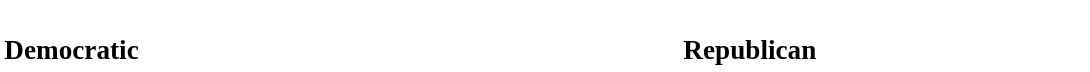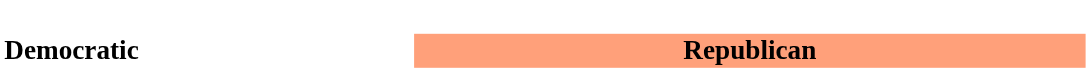 <table style="width:50em; text-align:center">
 <tr style="color:white">
 <td style="background:"><strong>58</strong></td>
 <td style="background:"><strong>42</strong></td>
 </tr>
 <tr>
 <td><span><strong>Democratic</strong></span></td>
-<td><span><strong>Republican</strong></span></td>
+<td style="background: lightsalmon;"><span><strong>Republican</strong></span></td>
 </tr>
 </table>
